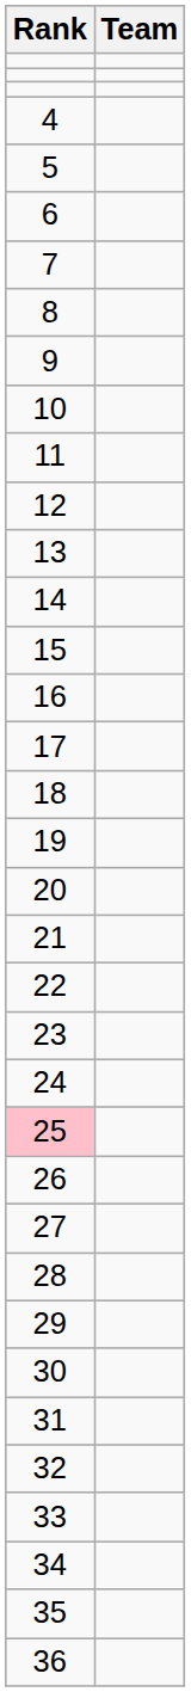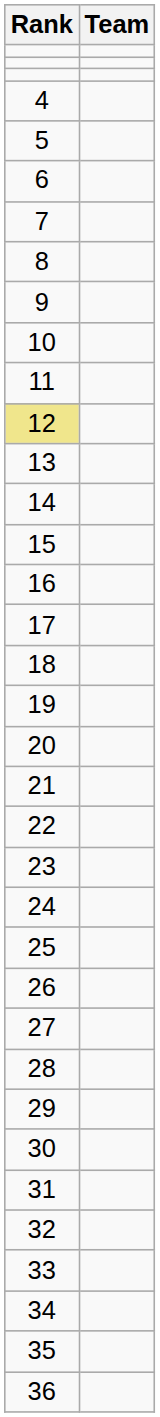 <table class="wikitable">
 <tr>
 <th>Rank</th>
 <th>Team</th>
 </tr>
 <tr>
 <td align=center></td>
 <td></td>
 </tr>
 <tr>
 <td align=center></td>
 <td></td>
 </tr>
 <tr>
 <td align=center></td>
 <td></td>
 </tr>
 <tr>
 <td align=center>4</td>
 <td></td>
 </tr>
 <tr>
 <td align=center>5</td>
 <td></td>
 </tr>
 <tr>
 <td align=center>6</td>
 <td></td>
 </tr>
 <tr>
 <td align=center>7</td>
 <td></td>
 </tr>
 <tr>
 <td align=center>8</td>
 <td></td>
 </tr>
 <tr>
 <td align=center>9</td>
 <td></td>
 </tr>
 <tr>
 <td align=center>10</td>
 <td></td>
 </tr>
 <tr>
 <td align=center>11</td>
 <td></td>
 </tr>
 <tr>
-<td align=center>12</td>
+<td align=center style="background: khaki;">12</td>
 <td></td>
 </tr>
 <tr>
 <td align=center>13</td>
 <td></td>
 </tr>
 <tr>
 <td align=center>14</td>
 <td></td>
 </tr>
 <tr>
 <td align=center>15</td>
 <td></td>
 </tr>
 <tr>
 <td align=center>16</td>
 <td></td>
 </tr>
 <tr>
 <td align=center>17</td>
 <td></td>
 </tr>
 <tr>
 <td align=center>18</td>
 <td></td>
 </tr>
 <tr>
 <td align=center>19</td>
 <td></td>
 </tr>
 <tr>
 <td align=center>20</td>
 <td></td>
 </tr>
 <tr>
 <td align=center>21</td>
 <td></td>
 </tr>
 <tr>
 <td align=center>22</td>
 <td></td>
 </tr>
 <tr>
 <td align=center>23</td>
 <td></td>
 </tr>
 <tr>
 <td align=center>24</td>
 <td></td>
 </tr>
 <tr>
-<td align=center style="background: pink;">25</td>
+<td align=center>25</td>
 <td></td>
 </tr>
 <tr>
 <td align=center>26</td>
 <td></td>
 </tr>
 <tr>
 <td align=center>27</td>
 <td></td>
 </tr>
 <tr>
 <td align=center>28</td>
 <td></td>
 </tr>
 <tr>
 <td align=center>29</td>
 <td></td>
 </tr>
 <tr>
 <td align=center>30</td>
 <td></td>
 </tr>
 <tr>
 <td align=center>31</td>
 <td></td>
 </tr>
 <tr>
 <td align=center>32</td>
 <td></td>
 </tr>
 <tr>
 <td align=center>33</td>
 <td></td>
 </tr>
 <tr>
 <td align=center>34</td>
 <td></td>
 </tr>
 <tr>
 <td align=center>35</td>
 <td></td>
 </tr>
 <tr>
 <td align=center>36</td>
 <td></td>
 </tr>
 </table>
